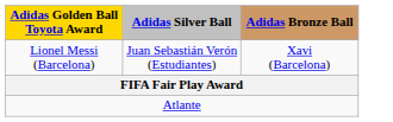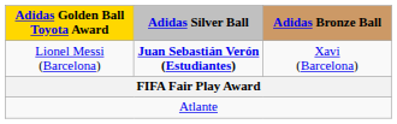 <table class="wikitable" style="text-align:center">
 <tr>
 <th style="background:gold; width:33%"><a href='#'>Adidas</a> Golden Ball<br><a href='#'>Toyota</a> Award</th>
 <th style="background:silver; width:33%"><a href='#'>Adidas</a> Silver Ball</th>
 <th style="background:#CC9966; width:33%"><a href='#'>Adidas</a> Bronze Ball</th>
 </tr>
 <tr>
 <td> <a href='#'>Lionel Messi</a><br>(<a href='#'>Barcelona</a>)</td>
-<td> <a href='#'>Juan Sebastián Verón</a><br>(<a href='#'>Estudiantes</a>)</td>
+<td><strong> <a href='#'>Juan Sebastián Verón</a><br>(<a href='#'>Estudiantes</a>)</strong></td>
 <td> <a href='#'>Xavi</a><br>(<a href='#'>Barcelona</a>)</td>
 </tr>
 <tr>
 <th colspan="3">FIFA Fair Play Award</th>
 </tr>
 <tr>
 <td colspan="3"> <a href='#'>Atlante</a></td>
 </tr>
 </table>
